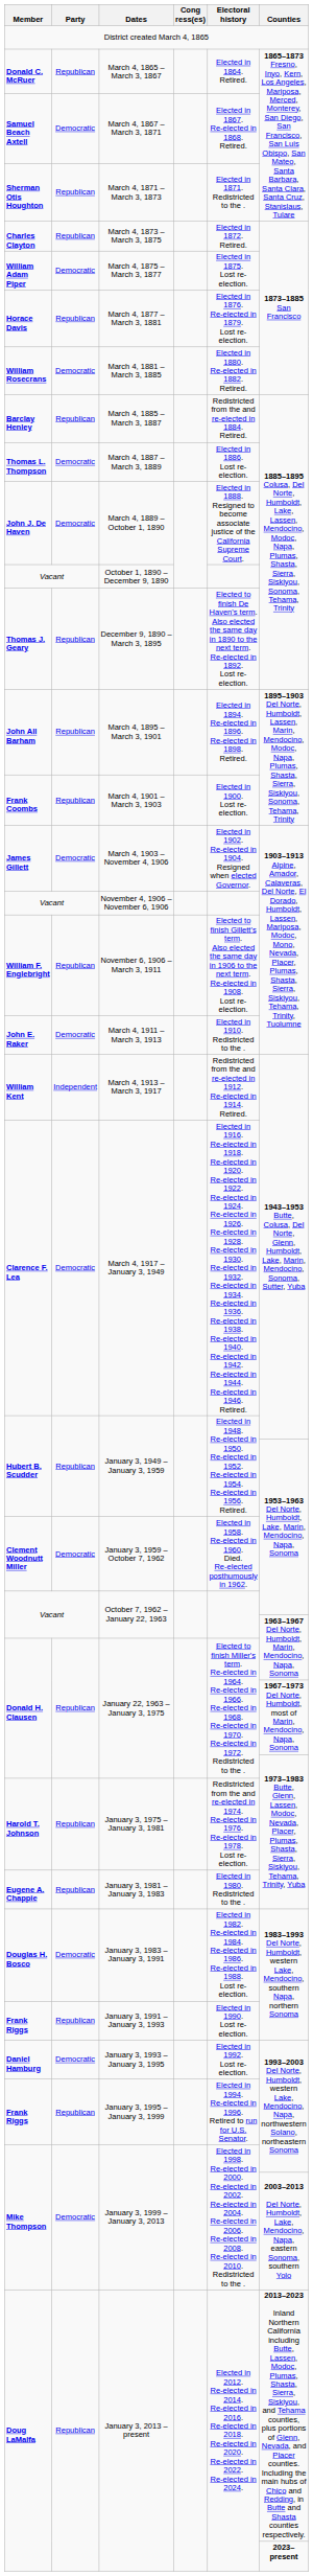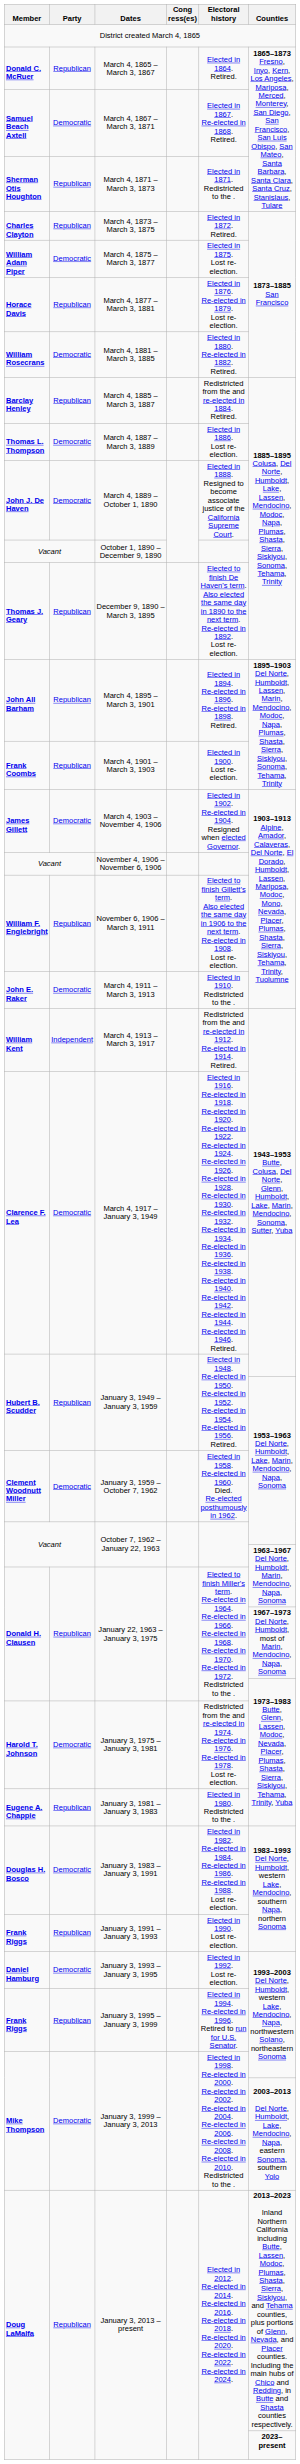 <table class=wikitable style="text-align:center">
 <tr valign=bottom>
 <th>Member</th>
 <th>Party</th>
 <th>Dates</th>
 <th>Cong<br>ress(es)</th>
 <th>Electoral history</th>
 <th width=300px>Counties</th>
 </tr>
 <tr style="height:3em">
 <td colspan=6>District created March 4, 1865</td>
 </tr>
 <tr style="height:3em">
 <td align=left><br><strong><a href='#'>Donald C. McRuer</a></strong><br></td>
 <td><a href='#'>Republican</a></td>
 <td nowrap>March 4, 1865 –<br>March 3, 1867</td>
 <td></td>
 <td><a href='#'>Elected in 1864</a>.<br>Retired.</td>
 <td rowspan=3><strong>1865–1873</strong><br><a href='#'>Fresno</a>, <a href='#'>Inyo</a>, <a href='#'>Kern</a>, <a href='#'>Los Angeles</a>, <a href='#'>Mariposa</a>, <a href='#'>Merced</a>, <a href='#'>Monterey</a>, <a href='#'>San Diego</a>, <a href='#'>San Francisco</a>, <a href='#'>San Luis Obispo</a>, <a href='#'>San Mateo</a>, <a href='#'>Santa Barbara</a>, <a href='#'>Santa Clara</a>, <a href='#'>Santa Cruz</a>, <a href='#'>Stanislaus</a>, <a href='#'>Tulare</a></td>
 </tr>
 <tr style="height:3em">
 <td align=left><br><strong><a href='#'>Samuel Beach Axtell</a></strong><br></td>
 <td><a href='#'>Democratic</a></td>
 <td nowrap>March 4, 1867 –<br>March 3, 1871</td>
 <td></td>
 <td><a href='#'>Elected in 1867</a>.<br><a href='#'>Re-elected in 1868</a>.<br>Retired.</td>
 </tr>
 <tr style="height:3em">
 <td align=left><br><strong><a href='#'>Sherman Otis Houghton</a></strong><br></td>
 <td><a href='#'>Republican</a></td>
 <td nowrap>March 4, 1871 –<br>March 3, 1873</td>
 <td></td>
 <td><a href='#'>Elected in 1871</a>.<br>Redistricted to the .</td>
 </tr>
 <tr style="height:3em">
 <td align=left><br><strong><a href='#'>Charles Clayton</a></strong><br></td>
 <td><a href='#'>Republican</a></td>
 <td nowrap>March 4, 1873 –<br>March 3, 1875</td>
 <td></td>
 <td><a href='#'>Elected in 1872</a>.<br>Retired.</td>
 <td rowspan=4><strong>1873–1885</strong><br><a href='#'>San Francisco</a></td>
 </tr>
 <tr style="height:3em">
 <td align=left><br><strong><a href='#'>William Adam Piper</a></strong><br></td>
 <td><a href='#'>Democratic</a></td>
 <td nowrap>March 4, 1875 –<br>March 3, 1877</td>
 <td></td>
 <td><a href='#'>Elected in 1875</a>.<br>Lost re-election.</td>
 </tr>
 <tr style="height:3em">
 <td align=left><br><strong><a href='#'>Horace Davis</a></strong><br></td>
 <td><a href='#'>Republican</a></td>
 <td nowrap>March 4, 1877 –<br>March 3, 1881</td>
 <td></td>
 <td><a href='#'>Elected in 1876</a>.<br><a href='#'>Re-elected in 1879</a>.<br>Lost re-election.</td>
 </tr>
 <tr style="height:3em">
 <td align=left><br><strong><a href='#'>William Rosecrans</a></strong><br></td>
 <td><a href='#'>Democratic</a></td>
 <td nowrap>March 4, 1881 –<br>March 3, 1885</td>
 <td></td>
 <td><a href='#'>Elected in 1880</a>.<br><a href='#'>Re-elected in 1882</a>.<br>Retired.</td>
 </tr>
 <tr style="height:3em">
 <td align=left><br><strong><a href='#'>Barclay Henley</a></strong><br></td>
 <td><a href='#'>Republican</a></td>
 <td nowrap>March 4, 1885 –<br>March 3, 1887</td>
 <td></td>
 <td>Redistricted from the  and <a href='#'>re-elected in 1884</a>.<br>Retired.</td>
 <td rowspan=5><strong>1885–1895</strong><br><a href='#'>Colusa</a>, <a href='#'>Del Norte</a>, <a href='#'>Humboldt</a>, <a href='#'>Lake</a>, <a href='#'>Lassen</a>, <a href='#'>Mendocino</a>, <a href='#'>Modoc</a>, <a href='#'>Napa</a>, <a href='#'>Plumas</a>, <a href='#'>Shasta</a>, <a href='#'>Sierra</a>, <a href='#'>Siskiyou</a>, <a href='#'>Sonoma</a>, <a href='#'>Tehama</a>, <a href='#'>Trinity</a></td>
 </tr>
 <tr style="height:3em">
 <td align=left><br><strong><a href='#'>Thomas L. Thompson</a></strong><br></td>
 <td><a href='#'>Democratic</a></td>
 <td nowrap>March 4, 1887 –<br>March 3, 1889</td>
 <td></td>
 <td><a href='#'>Elected in 1886</a>.<br>Lost re-election.</td>
 </tr>
 <tr style="height:3em">
 <td align=left><br><strong><a href='#'>John J. De Haven</a></strong><br></td>
 <td><a href='#'>Democratic</a></td>
 <td nowrap>March 4, 1889 –<br>October 1, 1890</td>
 <td rowspan=2></td>
 <td><a href='#'>Elected in 1888</a>.<br>Resigned to become associate justice of the <a href='#'>California Supreme Court</a>.</td>
 </tr>
 <tr style="height:3em">
 <td colspan=2><em>Vacant</em></td>
 <td nowrap>October 1, 1890 –<br>December 9, 1890</td>
 </tr>
 <tr style="height:3em">
 <td align=left><br><strong><a href='#'>Thomas J. Geary</a></strong><br></td>
 <td><a href='#'>Republican</a></td>
 <td nowrap>December 9, 1890 –<br>March 3, 1895</td>
 <td></td>
 <td><a href='#'>Elected to finish De Haven's term</a>.<br><a href='#'>Also elected the same day in 1890 to the next term</a>.<br><a href='#'>Re-elected in 1892</a>.<br>Lost re-election.</td>
 </tr>
 <tr style="height:3em">
 <td align=left><br><strong><a href='#'>John All Barham</a></strong><br></td>
 <td><a href='#'>Republican</a></td>
 <td nowrap>March 4, 1895 –<br>March 3, 1901</td>
 <td></td>
 <td><a href='#'>Elected in 1894</a>.<br><a href='#'>Re-elected in 1896</a>.<br><a href='#'>Re-elected in 1898</a>.<br>Retired.</td>
 <td rowspan=2><strong>1895–1903</strong><br><a href='#'>Del Norte</a>, <a href='#'>Humboldt</a>, <a href='#'>Lassen</a>, <a href='#'>Marin</a>, <a href='#'>Mendocino</a>, <a href='#'>Modoc</a>, <a href='#'>Napa</a>, <a href='#'>Plumas</a>, <a href='#'>Shasta</a>, <a href='#'>Sierra</a>, <a href='#'>Siskiyou</a>, <a href='#'>Sonoma</a>, <a href='#'>Tehama</a>, <a href='#'>Trinity</a></td>
 </tr>
 <tr style="height:3em">
 <td align=left><br><strong><a href='#'>Frank Coombs</a></strong><br></td>
 <td><a href='#'>Republican</a></td>
 <td nowrap>March 4, 1901 –<br>March 3, 1903</td>
 <td></td>
 <td><a href='#'>Elected in 1900</a>.<br>Lost re-election.</td>
 </tr>
 <tr style="height:3em">
 <td align=left><br><strong><a href='#'>James Gillett</a></strong><br></td>
 <td><a href='#'>Democratic</a></td>
 <td nowrap>March 4, 1903 –<br>November 4, 1906</td>
 <td></td>
 <td><a href='#'>Elected in 1902</a>.<br><a href='#'>Re-elected in 1904</a>.<br>Resigned when <a href='#'>elected Governor</a>.</td>
 <td rowspan=4><strong>1903–1913</strong><br><a href='#'>Alpine</a>, <a href='#'>Amador</a>, <a href='#'>Calaveras</a>, <a href='#'>Del Norte</a>, <a href='#'>El Dorado</a>, <a href='#'>Humboldt</a>, <a href='#'>Lassen</a>, <a href='#'>Mariposa</a>, <a href='#'>Modoc</a>, <a href='#'>Mono</a>, <a href='#'>Nevada</a>, <a href='#'>Placer</a>, <a href='#'>Plumas</a>, <a href='#'>Shasta</a>, <a href='#'>Sierra</a>, <a href='#'>Siskiyou</a>, <a href='#'>Tehama</a>, <a href='#'>Trinity</a>, <a href='#'>Tuolumne</a></td>
 </tr>
 <tr style="height:3em">
 <td colspan=2><em>Vacant</em></td>
 <td nowrap>November 4, 1906 –<br>November 6, 1906</td>
 <td></td>
 </tr>
 <tr style="height:3em">
 <td align=left><br><strong><a href='#'>William F. Englebright</a></strong><br></td>
 <td><a href='#'>Republican</a></td>
 <td nowrap>November 6, 1906 –<br>March 3, 1911</td>
 <td></td>
 <td><a href='#'>Elected to finish Gillett's term</a>.<br><a href='#'>Also elected the same day in 1906 to the next term</a>.<br><a href='#'>Re-elected in 1908</a>.<br>Lost re-election.</td>
 </tr>
 <tr style="height:3em">
 <td align=left><br><strong><a href='#'>John E. Raker</a></strong><br></td>
 <td><a href='#'>Democratic</a></td>
 <td nowrap>March 4, 1911 –<br>March 3, 1913</td>
 <td></td>
 <td><a href='#'>Elected in 1910</a>.<br>Redistricted to the .</td>
 </tr>
 <tr style="height:3em">
 <td align=left><br><strong><a href='#'>William Kent</a></strong><br></td>
 <td><a href='#'>Independent</a></td>
 <td nowrap>March 4, 1913 –<br>March 3, 1917</td>
 <td></td>
 <td>Redistricted from the  and <a href='#'>re-elected in 1912</a>.<br><a href='#'>Re-elected in 1914</a>.<br>Retired.</td>
 <td rowspan=3><strong>1943–1953</strong><br><a href='#'>Butte</a>, <a href='#'>Colusa</a>, <a href='#'>Del Norte</a>, <a href='#'>Glenn</a>, <a href='#'>Humboldt</a>, <a href='#'>Lake</a>, <a href='#'>Marin</a>, <a href='#'>Mendocino</a>, <a href='#'>Sonoma</a>, <a href='#'>Sutter</a>, <a href='#'>Yuba</a></td>
 </tr>
 <tr style="height:3em">
 <td align=left><br><strong><a href='#'>Clarence F. Lea</a></strong><br></td>
 <td><a href='#'>Democratic</a></td>
 <td nowrap>March 4, 1917 –<br>January 3, 1949</td>
 <td></td>
 <td><a href='#'>Elected in 1916</a>.<br><a href='#'>Re-elected in 1918</a>.<br><a href='#'>Re-elected in 1920</a>.<br><a href='#'>Re-elected in 1922</a>.<br><a href='#'>Re-elected in 1924</a>.<br><a href='#'>Re-elected in 1926</a>.<br><a href='#'>Re-elected in 1928</a>.<br><a href='#'>Re-elected in 1930</a>.<br><a href='#'>Re-elected in 1932</a>.<br><a href='#'>Re-elected in 1934</a>.<br><a href='#'>Re-elected in 1936</a>.<br><a href='#'>Re-elected in 1938</a>.<br><a href='#'>Re-elected in 1940</a>.<br><a href='#'>Re-elected in 1942</a>.<br><a href='#'>Re-elected in 1944</a>.<br><a href='#'>Re-elected in 1946</a>.<br>Retired.</td>
 </tr>
 <tr style="height:3em">
 <td align=left rowspan=2><br><strong><a href='#'>Hubert B. Scudder</a></strong><br></td>
 <td rowspan=2 ><a href='#'>Republican</a></td>
 <td rowspan=2 nowrap>January 3, 1949 –<br>January 3, 1959</td>
 <td rowspan=2></td>
 <td rowspan=2><a href='#'>Elected in 1948</a>.<br><a href='#'>Re-elected in 1950</a>.<br><a href='#'>Re-elected in 1952</a>.<br><a href='#'>Re-elected in 1954</a>.<br><a href='#'>Re-elected in 1956</a>.<br>Retired.</td>
 </tr>
 <tr style="height:3em">
 <td rowspan=3><strong>1953–1963</strong><br><a href='#'>Del Norte</a>, <a href='#'>Humboldt</a>, <a href='#'>Lake</a>, <a href='#'>Marin</a>, <a href='#'>Mendocino</a>, <a href='#'>Napa</a>, <a href='#'>Sonoma</a></td>
 </tr>
 <tr style="height:3em">
 <td align=left><br><strong><a href='#'>Clement Woodnutt Miller</a></strong><br></td>
 <td><a href='#'>Democratic</a></td>
 <td nowrap>January 3, 1959 –<br>October 7, 1962</td>
 <td></td>
 <td><a href='#'>Elected in 1958</a>.<br><a href='#'>Re-elected in 1960</a>.<br>Died.<br><a href='#'>Re-elected posthumously in 1962</a>.</td>
 </tr>
 <tr style="height:3em">
 <td rowspan=2 colspan=2><em>Vacant</em></td>
 <td rowspan=2 nowrap>October 7, 1962 –<br>January 22, 1963</td>
 <td rowspan=2></td>
 <td rowspan=2> </td>
 </tr>
 <tr style="height:3em">
 <td rowspan=2><strong>1963–1967</strong><br><a href='#'>Del Norte</a>, <a href='#'>Humboldt</a>, <a href='#'>Marin</a>, <a href='#'>Mendocino</a>, <a href='#'>Napa</a>, <a href='#'>Sonoma</a></td>
 </tr>
 <tr style="height:3em">
 <td align=left rowspan=3><br><strong><a href='#'>Donald H. Clausen</a></strong><br></td>
 <td rowspan=3 ><a href='#'>Republican</a></td>
 <td rowspan=3 nowrap>January 22, 1963 –<br>January 3, 1975</td>
 <td rowspan=3></td>
 <td rowspan=3><a href='#'>Elected to finish Miller's term</a>.<br><a href='#'>Re-elected in 1964</a>.<br><a href='#'>Re-elected in 1966</a>.<br><a href='#'>Re-elected in 1968</a>.<br><a href='#'>Re-elected in 1970</a>.<br><a href='#'>Re-elected in 1972</a>.<br>Redistricted to the .</td>
 </tr>
 <tr style="height:3em">
 <td><strong>1967–1973</strong><br><a href='#'>Del Norte</a>, <a href='#'>Humboldt</a>, most of <a href='#'>Marin</a>, <a href='#'>Mendocino</a>, <a href='#'>Napa</a>, <a href='#'>Sonoma</a></td>
 </tr>
 <tr style="height:3em">
 <td rowspan=3><strong>1973–1983</strong><br><a href='#'>Butte</a>, <a href='#'>Glenn</a>, <a href='#'>Lassen</a>, <a href='#'>Modoc</a>, <a href='#'>Nevada</a>, <a href='#'>Placer</a>, <a href='#'>Plumas</a>, <a href='#'>Shasta</a>, <a href='#'>Sierra</a>, <a href='#'>Siskiyou</a>, <a href='#'>Tehama</a>, <a href='#'>Trinity</a>, <a href='#'>Yuba</a></td>
 </tr>
 <tr style="height:3em">
 <td align=left><br><strong><a href='#'>Harold T. Johnson</a></strong><br></td>
-<td><a href='#'>Republican</a></td>
+<td><a href='#'>Democratic</a></td>
 <td nowrap>January 3, 1975 –<br>January 3, 1981</td>
 <td></td>
 <td>Redistricted from the  and <a href='#'>re-elected in 1974</a>.<br><a href='#'>Re-elected in 1976</a>.<br><a href='#'>Re-elected in 1978</a>.<br>Lost re-election.</td>
 </tr>
 <tr style="height:3em">
 <td align=left><br><strong><a href='#'>Eugene A. Chappie</a></strong><br></td>
 <td><a href='#'>Republican</a></td>
 <td nowrap>January 3, 1981 –<br>January 3, 1983</td>
 <td></td>
 <td><a href='#'>Elected in 1980</a>.<br>Redistricted to the .</td>
 </tr>
 <tr style="height:3em">
 <td align=left><br><strong><a href='#'>Douglas H. Bosco</a></strong><br></td>
 <td><a href='#'>Democratic</a></td>
 <td nowrap>January 3, 1983 –<br>January 3, 1991</td>
 <td></td>
 <td><a href='#'>Elected in 1982</a>.<br><a href='#'>Re-elected in 1984</a>.<br><a href='#'>Re-elected in 1986</a>.<br><a href='#'>Re-elected in 1988</a>.<br>Lost re-election.</td>
 <td rowspan=2><strong>1983–1993</strong><br><a href='#'>Del Norte</a>, <a href='#'>Humboldt</a>, western <a href='#'>Lake</a>, <a href='#'>Mendocino</a>, southern <a href='#'>Napa</a>, northern <a href='#'>Sonoma</a></td>
 </tr>
 <tr style="height:3em">
 <td align=left><br><strong><a href='#'>Frank Riggs</a></strong><br></td>
 <td><a href='#'>Republican</a></td>
 <td nowrap>January 3, 1991 –<br>January 3, 1993</td>
 <td></td>
 <td><a href='#'>Elected in 1990</a>.<br>Lost re-election.</td>
 </tr>
 <tr style="height:3em">
 <td align=left><br><strong><a href='#'>Daniel Hamburg</a></strong><br></td>
 <td><a href='#'>Democratic</a></td>
 <td nowrap>January 3, 1993 –<br>January 3, 1995</td>
 <td></td>
 <td><a href='#'>Elected in 1992</a>.<br>Lost re-election.</td>
 <td rowspan=3><strong>1993–2003</strong><br><a href='#'>Del Norte</a>, <a href='#'>Humboldt</a>, western <a href='#'>Lake</a>, <a href='#'>Mendocino</a>, <a href='#'>Napa</a>, northwestern <a href='#'>Solano</a>, northeastern <a href='#'>Sonoma</a></td>
 </tr>
 <tr style="height:3em">
 <td align=left><br><strong><a href='#'>Frank Riggs</a></strong><br></td>
 <td><a href='#'>Republican</a></td>
 <td nowrap>January 3, 1995 –<br>January 3, 1999</td>
 <td></td>
 <td><a href='#'>Elected in 1994</a>.<br><a href='#'>Re-elected in 1996</a>.<br>Retired to <a href='#'>run for U.S. Senator</a>.</td>
 </tr>
 <tr style="height:3em">
 <td align=left rowspan=2><br><strong><a href='#'>Mike Thompson</a></strong><br></td>
 <td rowspan=2 ><a href='#'>Democratic</a></td>
 <td rowspan=2 nowrap>January 3, 1999 –<br>January 3, 2013</td>
 <td rowspan=2></td>
 <td rowspan=2><a href='#'>Elected in 1998</a>.<br><a href='#'>Re-elected in 2000</a>.<br><a href='#'>Re-elected in 2002</a>.<br><a href='#'>Re-elected in 2004</a>.<br><a href='#'>Re-elected in 2006</a>.<br><a href='#'>Re-elected in 2008</a>.<br><a href='#'>Re-elected in 2010</a>.<br>Redistricted to the .</td>
 </tr>
 <tr style="height:3em">
 <td><strong>2003–2013</strong><br><br><a href='#'>Del Norte</a>, <a href='#'>Humboldt</a>, <a href='#'>Lake</a>, <a href='#'>Mendocino</a>, <a href='#'>Napa</a>, eastern <a href='#'>Sonoma</a>, southern <a href='#'>Yolo</a></td>
 </tr>
 <tr style="height:3em">
 <td rowspan=2 align=left><br><strong><a href='#'>Doug LaMalfa</a></strong><br></td>
 <td rowspan=2 ><a href='#'>Republican</a></td>
 <td rowspan=2 nowrap>January 3, 2013 –<br>present</td>
 <td rowspan=2></td>
 <td rowspan=2><a href='#'>Elected in 2012</a>.<br><a href='#'>Re-elected in 2014</a>.<br><a href='#'>Re-elected in 2016</a>.<br><a href='#'>Re-elected in 2018</a>.<br><a href='#'>Re-elected in 2020</a>.<br><a href='#'>Re-elected in 2022</a>.<br><a href='#'>Re-elected in 2024</a>.</td>
 <td><strong>2013–2023</strong><br><br>Inland Northern California including <a href='#'>Butte</a>, <a href='#'>Lassen</a>, <a href='#'>Modoc</a>, <a href='#'>Plumas</a>, <a href='#'>Shasta</a>, <a href='#'>Sierra</a>, <a href='#'>Siskiyou</a>, and <a href='#'>Tehama</a> counties, plus portions of <a href='#'>Glenn</a>, <a href='#'>Nevada</a>, and <a href='#'>Placer</a> counties. Including the main hubs of <a href='#'>Chico</a> and <a href='#'>Redding</a>, in <a href='#'>Butte</a> and <a href='#'>Shasta</a> counties respectively.</td>
 </tr>
 <tr style="height:3em">
 <td><strong>2023–present</strong><br><br></td>
 </tr>
 </table>
